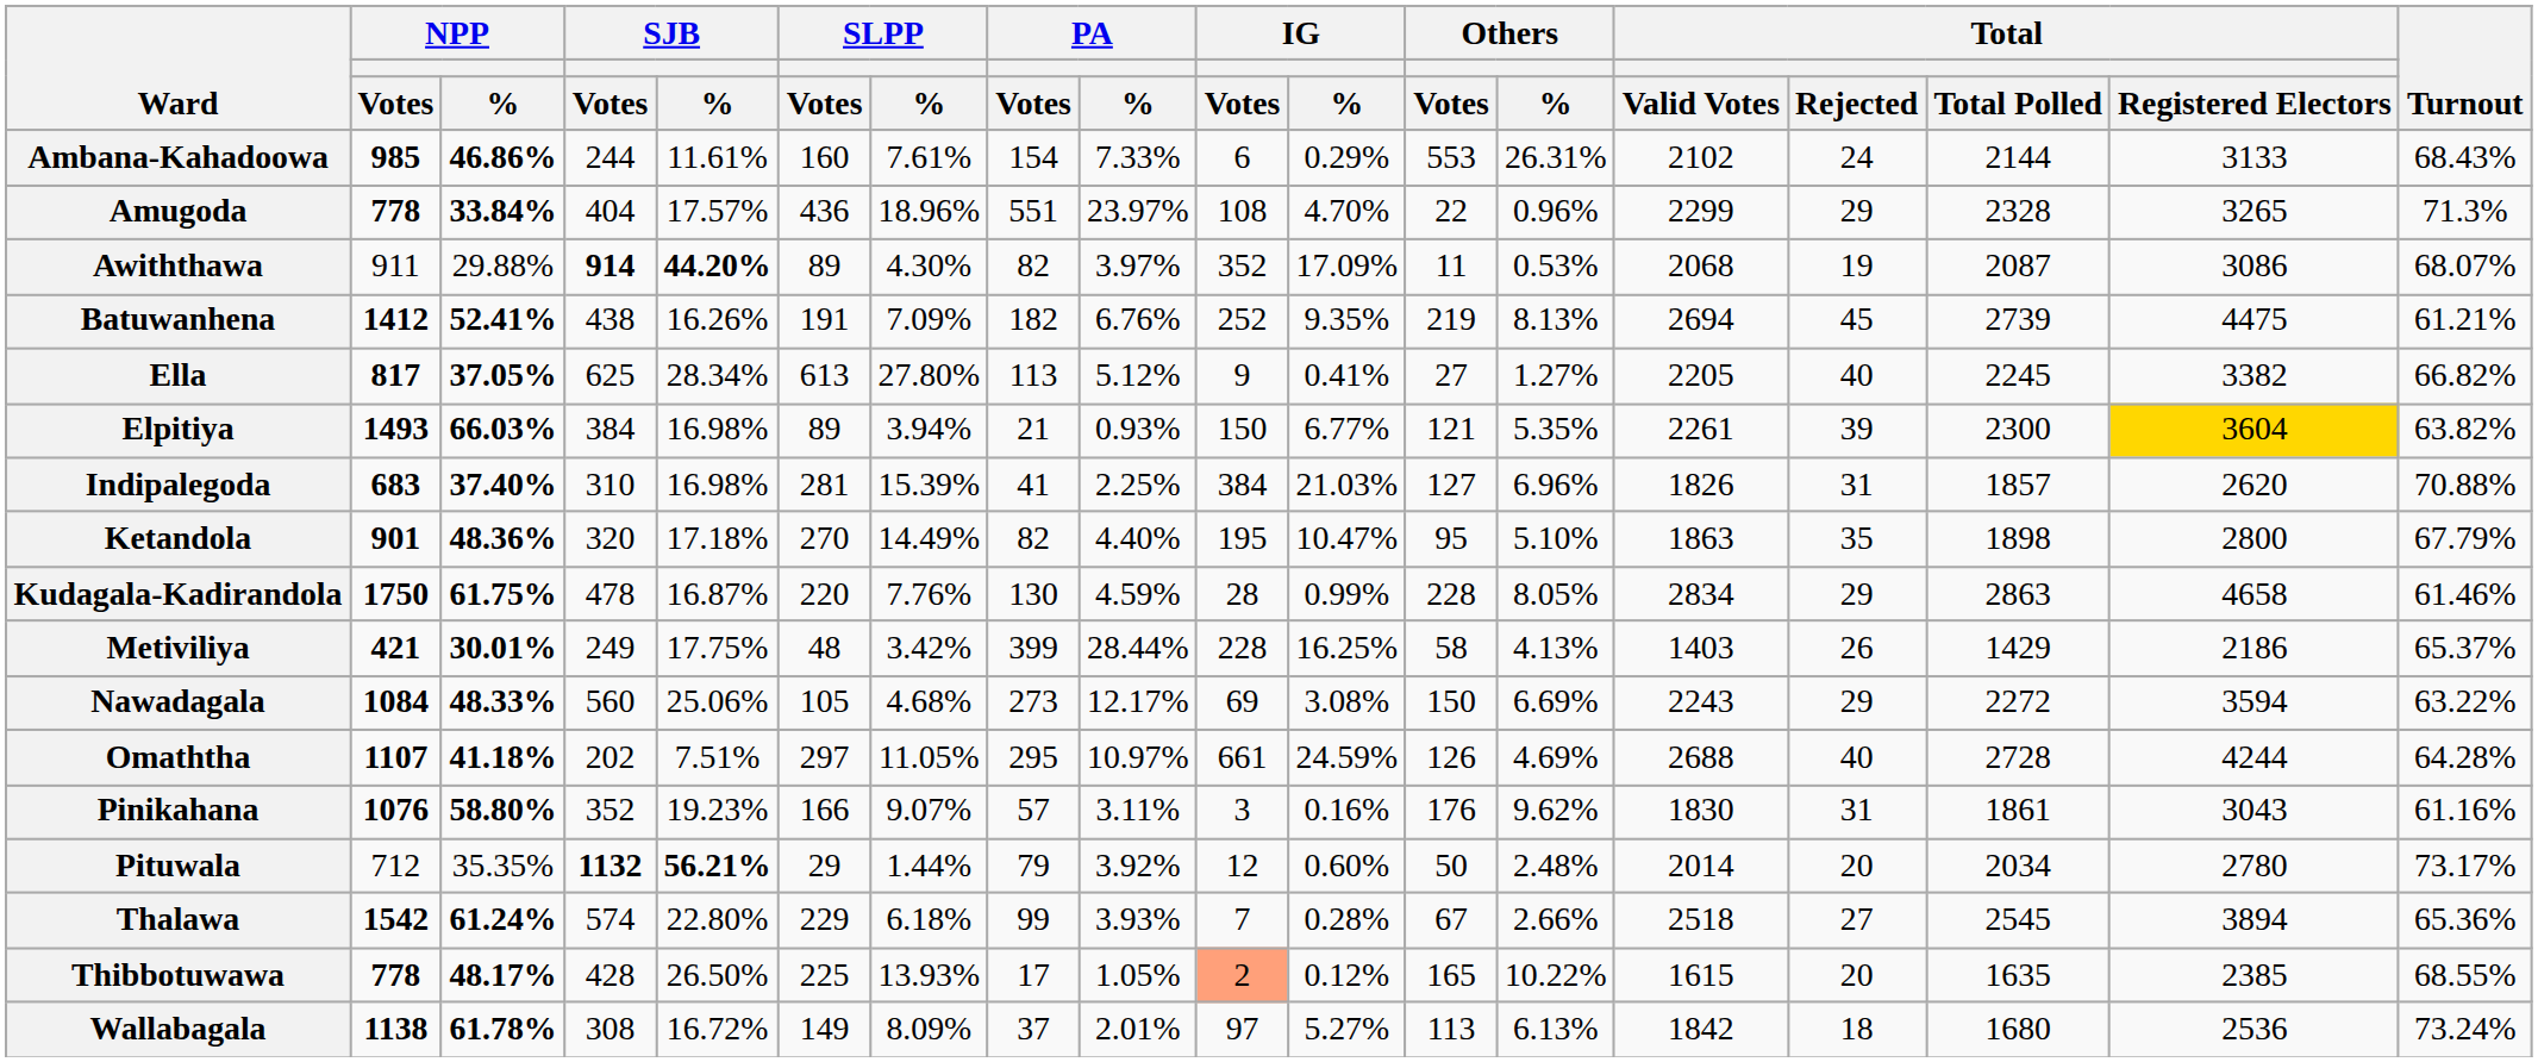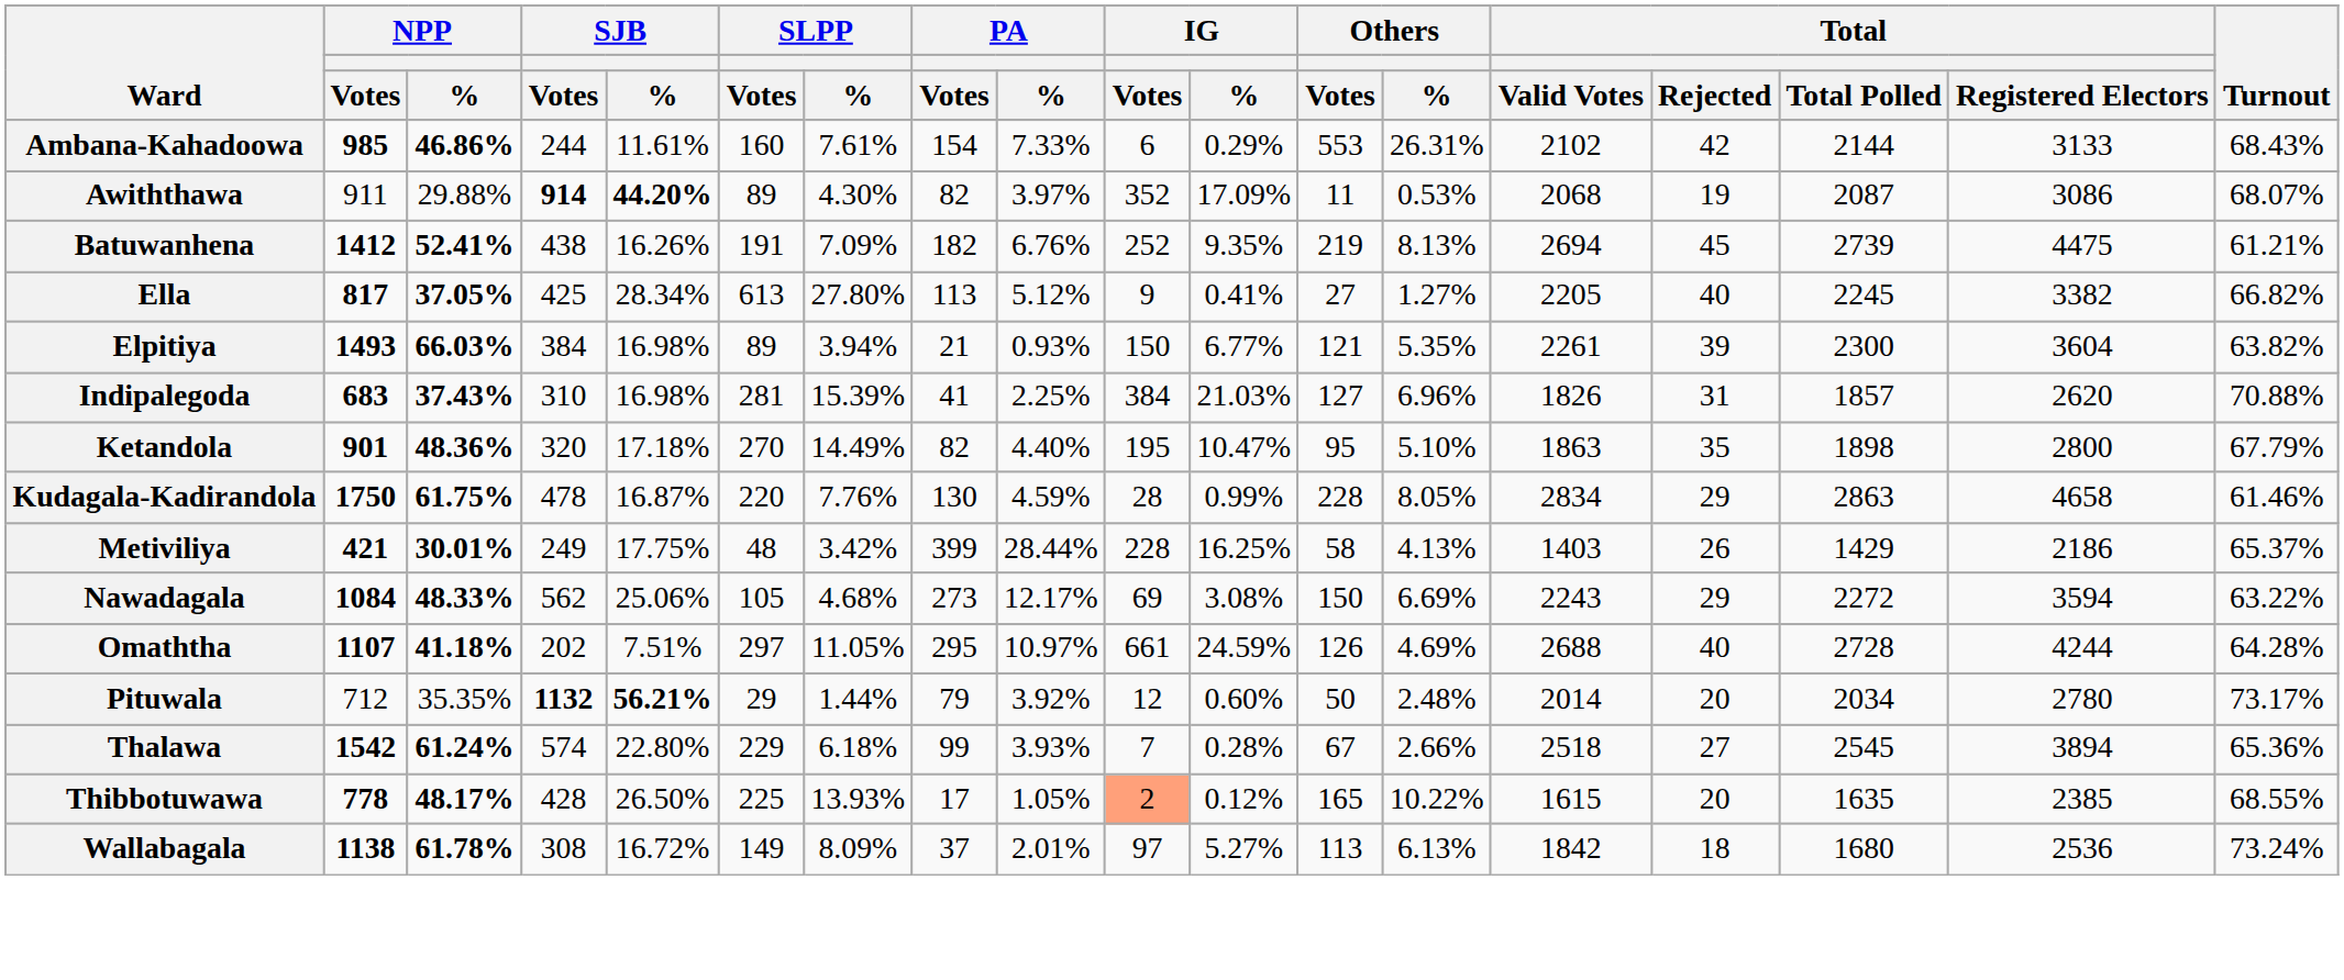 <table class="wikitable sortable" style="font-size:85%; text-align:center;">
 <tr>
 <th style="vertical-align:bottom;" rowspan="3">Ward</th>
 <th style="vertical-align:bottom;" colspan="2"><a href='#'>NPP</a></th>
 <th style="vertical-align:bottom;" colspan="2"><a href='#'>SJB</a></th>
 <th style="vertical-align:bottom;" colspan="2"><a href='#'>SLPP</a></th>
 <th style="vertical-align:bottom;" colspan="2"><a href='#'>PA</a></th>
 <th style="vertical-align:bottom;" colspan="2">IG</th>
 <th style="vertical-align:bottom;" colspan="2">Others</th>
 <th style="vertical-align:bottom;" colspan="4">Total</th>
 <th style="vertical-align:bottom;" rowspan="3">Turnout</th>
 </tr>
 <tr>
 <th colspan="2" style="background:"></th>
 <th colspan="2" style="background:"></th>
 <th colspan="2" style="background:"></th>
 <th colspan="2" style="background:"></th>
 <th colspan="2" style="background:"></th>
 <th colspan="2" style="background:"></th>
 <th colspan="4"></th>
 </tr>
 <tr>
 <th>Votes</th>
 <th>%</th>
 <th>Votes</th>
 <th>%</th>
 <th>Votes</th>
 <th>%</th>
 <th>Votes</th>
 <th>%</th>
 <th>Votes</th>
 <th>%</th>
 <th>Votes</th>
 <th>%</th>
 <th>Valid Votes</th>
 <th>Rejected</th>
 <th>Total Polled</th>
 <th>Registered Electors</th>
 </tr>
 <tr>
 <th>Ambana-Kahadoowa</th>
 <td><strong>985</strong></td>
 <td><strong>46.86%</strong></td>
 <td>244</td>
 <td>11.61%</td>
 <td>160</td>
 <td>7.61%</td>
 <td>154</td>
 <td>7.33%</td>
 <td>6</td>
 <td>0.29%</td>
 <td>553</td>
 <td>26.31%</td>
 <td>2102</td>
-<td>24</td>
+<td>42</td>
 <td>2144</td>
 <td>3133</td>
 <td>68.43%</td>
-</tr>
-<tr>
-<th>Amugoda</th>
-<td><strong>778</strong></td>
-<td><strong>33.84%</strong></td>
-<td>404</td>
-<td>17.57%</td>
-<td>436</td>
-<td>18.96%</td>
-<td>551</td>
-<td>23.97%</td>
-<td>108</td>
-<td>4.70%</td>
-<td>22</td>
-<td>0.96%</td>
-<td>2299</td>
-<td>29</td>
-<td>2328</td>
-<td>3265</td>
-<td>71.3%</td>
 </tr>
 <tr>
 <th>Awiththawa</th>
 <td>911</td>
 <td>29.88%</td>
 <td><strong>914</strong></td>
 <td><strong>44.20%</strong></td>
 <td>89</td>
 <td>4.30%</td>
 <td>82</td>
 <td>3.97%</td>
 <td>352</td>
 <td>17.09%</td>
 <td>11</td>
 <td>0.53%</td>
 <td>2068</td>
 <td>19</td>
 <td>2087</td>
 <td>3086</td>
 <td>68.07%</td>
 </tr>
 <tr>
 <th>Batuwanhena</th>
 <td><strong>1412</strong></td>
 <td><strong>52.41%</strong></td>
 <td>438</td>
 <td>16.26%</td>
 <td>191</td>
 <td>7.09%</td>
 <td>182</td>
 <td>6.76%</td>
 <td>252</td>
 <td>9.35%</td>
 <td>219</td>
 <td>8.13%</td>
 <td>2694</td>
 <td>45</td>
 <td>2739</td>
 <td>4475</td>
 <td>61.21%</td>
 </tr>
 <tr>
 <th>Ella</th>
 <td><strong>817</strong></td>
 <td><strong>37.05%</strong></td>
-<td>625</td>
+<td>425</td>
 <td>28.34%</td>
 <td>613</td>
 <td>27.80%</td>
 <td>113</td>
 <td>5.12%</td>
 <td>9</td>
 <td>0.41%</td>
 <td>27</td>
 <td>1.27%</td>
 <td>2205</td>
 <td>40</td>
 <td>2245</td>
 <td>3382</td>
 <td>66.82%</td>
 </tr>
 <tr>
 <th>Elpitiya</th>
 <td><strong>1493</strong></td>
 <td><strong>66.03%</strong></td>
 <td>384</td>
 <td>16.98%</td>
 <td>89</td>
 <td>3.94%</td>
 <td>21</td>
 <td>0.93%</td>
 <td>150</td>
 <td>6.77%</td>
 <td>121</td>
 <td>5.35%</td>
 <td>2261</td>
 <td>39</td>
 <td>2300</td>
-<td style="background: gold;">3604</td>
+<td>3604</td>
 <td>63.82%</td>
 </tr>
 <tr>
 <th>Indipalegoda</th>
 <td><strong>683</strong></td>
-<td><strong>37.40%</strong></td>
+<td><strong>37.43%</strong></td>
 <td>310</td>
 <td>16.98%</td>
 <td>281</td>
 <td>15.39%</td>
 <td>41</td>
 <td>2.25%</td>
 <td>384</td>
 <td>21.03%</td>
 <td>127</td>
 <td>6.96%</td>
 <td>1826</td>
 <td>31</td>
 <td>1857</td>
 <td>2620</td>
 <td>70.88%</td>
 </tr>
 <tr>
 <th>Ketandola</th>
 <td><strong>901</strong></td>
 <td><strong>48.36%</strong></td>
 <td>320</td>
 <td>17.18%</td>
 <td>270</td>
 <td>14.49%</td>
 <td>82</td>
 <td>4.40%</td>
 <td>195</td>
 <td>10.47%</td>
 <td>95</td>
 <td>5.10%</td>
 <td>1863</td>
 <td>35</td>
 <td>1898</td>
 <td>2800</td>
 <td>67.79%</td>
 </tr>
 <tr>
 <th>Kudagala-Kadirandola</th>
 <td><strong>1750</strong></td>
 <td><strong>61.75%</strong></td>
 <td>478</td>
 <td>16.87%</td>
 <td>220</td>
 <td>7.76%</td>
 <td>130</td>
 <td>4.59%</td>
 <td>28</td>
 <td>0.99%</td>
 <td>228</td>
 <td>8.05%</td>
 <td>2834</td>
 <td>29</td>
 <td>2863</td>
 <td>4658</td>
 <td>61.46%</td>
 </tr>
 <tr>
 <th>Metiviliya</th>
 <td><strong>421</strong></td>
 <td><strong>30.01%</strong></td>
 <td>249</td>
 <td>17.75%</td>
 <td>48</td>
 <td>3.42%</td>
 <td>399</td>
 <td>28.44%</td>
 <td>228</td>
 <td>16.25%</td>
 <td>58</td>
 <td>4.13%</td>
 <td>1403</td>
 <td>26</td>
 <td>1429</td>
 <td>2186</td>
 <td>65.37%</td>
 </tr>
 <tr>
 <th>Nawadagala</th>
 <td><strong>1084</strong></td>
 <td><strong>48.33%</strong></td>
-<td>560</td>
+<td>562</td>
 <td>25.06%</td>
 <td>105</td>
 <td>4.68%</td>
 <td>273</td>
 <td>12.17%</td>
 <td>69</td>
 <td>3.08%</td>
 <td>150</td>
 <td>6.69%</td>
 <td>2243</td>
 <td>29</td>
 <td>2272</td>
 <td>3594</td>
 <td>63.22%</td>
 </tr>
 <tr>
 <th>Omaththa</th>
 <td><strong>1107</strong></td>
 <td><strong>41.18%</strong></td>
 <td>202</td>
 <td>7.51%</td>
 <td>297</td>
 <td>11.05%</td>
 <td>295</td>
 <td>10.97%</td>
 <td>661</td>
 <td>24.59%</td>
 <td>126</td>
 <td>4.69%</td>
 <td>2688</td>
 <td>40</td>
 <td>2728</td>
 <td>4244</td>
 <td>64.28%</td>
-</tr>
-<tr>
-<th>Pinikahana</th>
-<td><strong>1076</strong></td>
-<td><strong>58.80%</strong></td>
-<td>352</td>
-<td>19.23%</td>
-<td>166</td>
-<td>9.07%</td>
-<td>57</td>
-<td>3.11%</td>
-<td>3</td>
-<td>0.16%</td>
-<td>176</td>
-<td>9.62%</td>
-<td>1830</td>
-<td>31</td>
-<td>1861</td>
-<td>3043</td>
-<td>61.16%</td>
 </tr>
 <tr>
 <th>Pituwala</th>
 <td>712</td>
 <td>35.35%</td>
 <td><strong>1132</strong></td>
 <td><strong>56.21%</strong></td>
 <td>29</td>
 <td>1.44%</td>
 <td>79</td>
 <td>3.92%</td>
 <td>12</td>
 <td>0.60%</td>
 <td>50</td>
 <td>2.48%</td>
 <td>2014</td>
 <td>20</td>
 <td>2034</td>
 <td>2780</td>
 <td>73.17%</td>
 </tr>
 <tr>
 <th>Thalawa</th>
 <td><strong>1542</strong></td>
 <td><strong>61.24%</strong></td>
 <td>574</td>
 <td>22.80%</td>
 <td>229</td>
 <td>6.18%</td>
 <td>99</td>
 <td>3.93%</td>
 <td>7</td>
 <td>0.28%</td>
 <td>67</td>
 <td>2.66%</td>
 <td>2518</td>
 <td>27</td>
 <td>2545</td>
 <td>3894</td>
 <td>65.36%</td>
 </tr>
 <tr>
 <th>Thibbotuwawa</th>
 <td><strong>778</strong></td>
 <td><strong>48.17%</strong></td>
 <td>428</td>
 <td>26.50%</td>
 <td>225</td>
 <td>13.93%</td>
 <td>17</td>
 <td>1.05%</td>
 <td style="background: lightsalmon;">2</td>
 <td>0.12%</td>
 <td>165</td>
 <td>10.22%</td>
 <td>1615</td>
 <td>20</td>
 <td>1635</td>
 <td>2385</td>
 <td>68.55%</td>
 </tr>
 <tr>
 <th>Wallabagala</th>
 <td><strong>1138</strong></td>
 <td><strong>61.78%</strong></td>
 <td>308</td>
 <td>16.72%</td>
 <td>149</td>
 <td>8.09%</td>
 <td>37</td>
 <td>2.01%</td>
 <td>97</td>
 <td>5.27%</td>
 <td>113</td>
 <td>6.13%</td>
 <td>1842</td>
 <td>18</td>
 <td>1680</td>
 <td>2536</td>
 <td>73.24%</td>
 </tr>
 </table>
